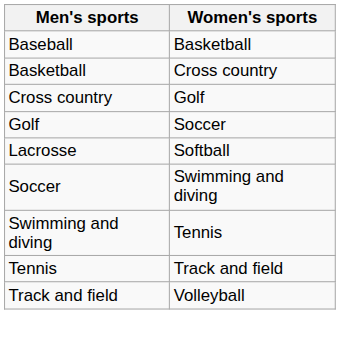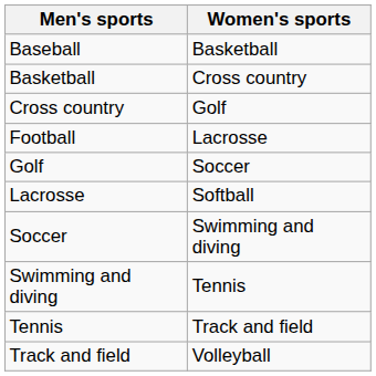 <table class="wikitable"; style= "text-align: ">
 <tr>
 <th width=150px>Men's sports</th>
 <th width=150px>Women's sports</th>
 </tr>
 <tr>
 <td>Baseball</td>
 <td>Basketball</td>
 </tr>
 <tr>
 <td>Basketball</td>
 <td>Cross country</td>
 </tr>
 <tr>
 <td>Cross country</td>
 <td>Golf</td>
+</tr>
+<tr>
+<td>Football</td>
+<td>Lacrosse</td>
 </tr>
 <tr>
 <td>Golf</td>
 <td>Soccer</td>
 </tr>
 <tr>
 <td>Lacrosse</td>
 <td>Softball</td>
 </tr>
 <tr>
 <td>Soccer</td>
 <td>Swimming and diving</td>
 </tr>
 <tr>
 <td>Swimming and diving</td>
 <td>Tennis</td>
 </tr>
 <tr>
 <td>Tennis</td>
 <td>Track and field</td>
 </tr>
 <tr>
 <td>Track and field</td>
 <td>Volleyball</td>
 </tr>
 </table>
